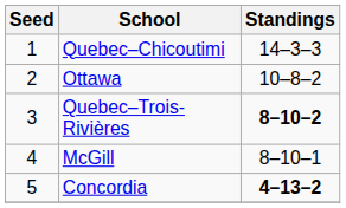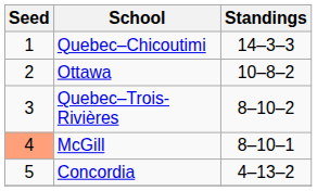 <table class="wikitable">
 <tr>
 <th>Seed</th>
 <th style="width:150px">School</th>
 <th>Standings</th>
 </tr>
 <tr>
 <td align=center>1</td>
 <td><a href='#'>Quebec–Chicoutimi</a></td>
 <td align=center>14–3–3</td>
 </tr>
 <tr>
 <td align=center>2</td>
 <td><a href='#'>Ottawa</a></td>
 <td align=center>10–8–2</td>
 </tr>
 <tr>
 <td align=center>3</td>
 <td><a href='#'>Quebec–Trois-Rivières</a></td>
-<td align=center><strong>8–10–2</strong></td>
+<td align=center>8–10–2</td>
 </tr>
 <tr>
-<td align=center>4</td>
+<td align=center style="background: lightsalmon;">4</td>
 <td><a href='#'>McGill</a></td>
 <td align=center>8–10–1</td>
 </tr>
 <tr>
 <td align=center>5</td>
 <td><a href='#'>Concordia</a></td>
-<td align=center><strong>4–13–2</strong></td>
+<td align=center>4–13–2</td>
 </tr>
 <tr>
 </tr>
 </table>
